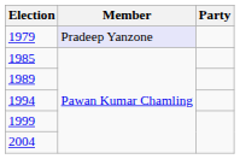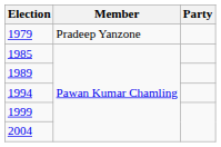 <table class="wikitable sortable">
 <tr>
 <th>Election</th>
 <th>Member</th>
 <th colspan=2>Party</th>
 </tr>
 <tr>
 <td><a href='#'>1979</a></td>
-<td style="background: lavender;">Pradeep Yanzone</td>
+<td>Pradeep Yanzone</td>
 <td></td>
 </tr>
 <tr>
 <td><a href='#'>1985</a></td>
 <td rowspan=5><a href='#'>Pawan Kumar Chamling</a></td>
 <td></td>
 </tr>
 <tr>
 <td><a href='#'>1989</a></td>
 </tr>
 <tr>
 <td><a href='#'>1994</a></td>
 <td></td>
 </tr>
 <tr>
 <td><a href='#'>1999</a></td>
 </tr>
 <tr>
 <td><a href='#'>2004</a></td>
 </tr>
 </table>
